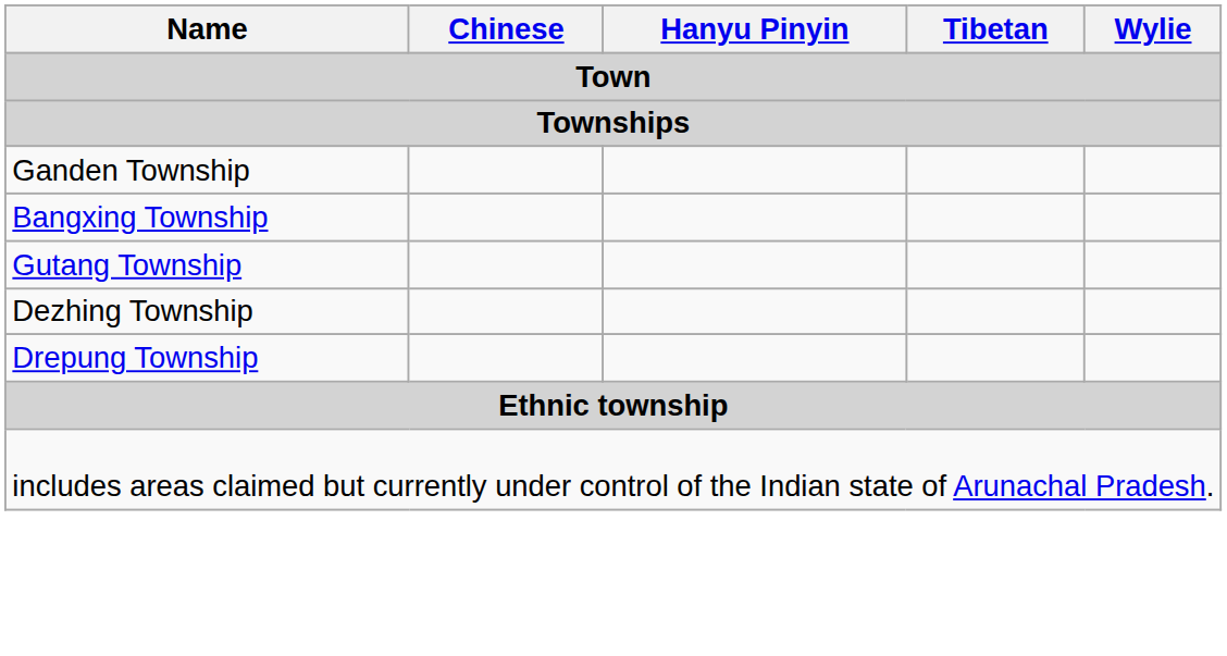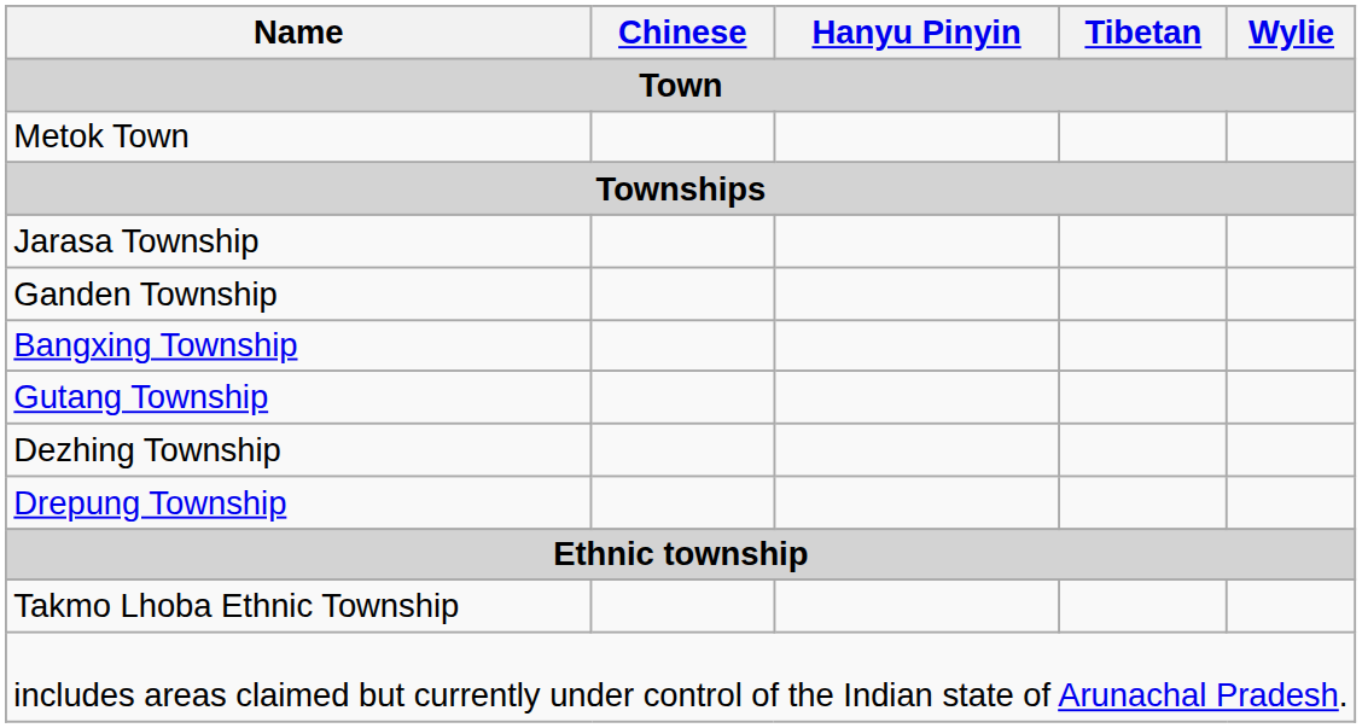 <table class="wikitable"  style="font-size:90%;" align=center>
 <tr>
 <th>Name</th>
 <th><a href='#'>Chinese</a></th>
 <th><a href='#'>Hanyu Pinyin</a></th>
 <th><a href='#'>Tibetan</a></th>
 <th><a href='#'>Wylie</a></th>
 </tr>
 <tr --------->
 <td colspan="5"  style="text-align:center; background:#d3d3d3;"><strong>Town</strong></td>
 </tr>
 <tr --------->
+<td>Metok Town</td>
+<td></td>
+<td></td>
+<td></td>
+<td></td>
+</tr>
+<tr --------->
 <td colspan="5"  style="text-align:center; background:#d3d3d3;"><strong>Townships</strong></td>
+</tr>
+<tr --------->
+<td>Jarasa Township</td>
+<td></td>
+<td></td>
+<td></td>
+<td></td>
 </tr>
 <tr>
 <td>Ganden Township</td>
 <td></td>
 <td></td>
 <td></td>
 <td></td>
 </tr>
 <tr>
 <td><a href='#'>Bangxing Township</a></td>
 <td></td>
 <td></td>
 <td></td>
 <td></td>
 </tr>
 <tr>
 <td><a href='#'>Gutang Township</a></td>
 <td></td>
 <td></td>
 <td></td>
 <td></td>
 </tr>
 <tr>
 <td>Dezhing Township</td>
 <td></td>
 <td></td>
 <td></td>
 <td></td>
 </tr>
 <tr>
 <td><a href='#'>Drepung Township</a></td>
 <td></td>
 <td></td>
 <td></td>
 <td></td>
 </tr>
 <tr --------->
 <td colspan="5"  style="text-align:center; background:#d3d3d3;"><strong>Ethnic township</strong></td>
 </tr>
+<tr --------->
+<td>Takmo Lhoba Ethnic Township</td>
+<td></td>
+<td></td>
+<td></td>
+<td></td>
+</tr>
 <tr>
 <td colspan="5"><div><br> includes areas claimed but currently under control of the Indian state of <a href='#'>Arunachal Pradesh</a>. </div></td>
 </tr>
 </table>
